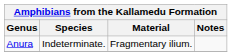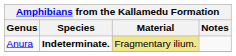 <table class="wikitable" align="center">
 <tr>
 <th colspan="7" align="center"><strong><a href='#'>Amphibians</a> from the Kallamedu Formation</strong></th>
 </tr>
 <tr>
 <th>Genus</th>
 <th>Species</th>
 <th>Material</th>
 <th>Notes</th>
 </tr>
 <tr>
 <td><a href='#'>Anura</a></td>
-<td>Indeterminate.</td>
-<td>Fragmentary ilium.</td>
+<td><strong>Indeterminate.</strong></td>
+<td style="background: khaki;">Fragmentary ilium.</td>
 <td></td>
 </tr>
 <tr>
 </tr>
 </table>
